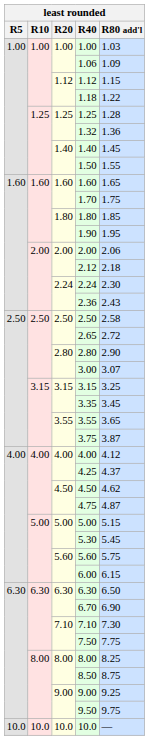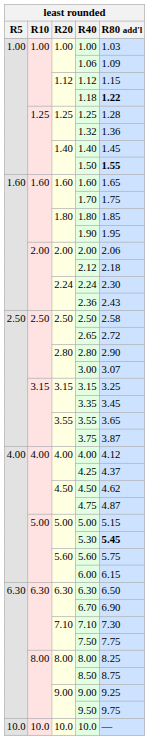 <table class="wikitable">
 <tr>
 <th colspan="5">least rounded</th>
 </tr>
 <tr>
 <th bgcolor="#e2e2e2">R5</th>
 <th bgcolor="#ffe2e2">R10</th>
 <th bgcolor="#ffffe2">R20</th>
 <th bgcolor="#e2ffe2">R40</th>
 <th bgcolor="#e2ffe2">R80 <small>add'l</small></th>
 </tr>
 <tr valign="top">
 <td rowspan="8" bgcolor="#e2e2e2">1.00</td>
 <td rowspan="4" bgcolor="#ffe2e2">1.00</td>
 <td rowspan="2" bgcolor="#ffffe2">1.00</td>
 <td bgcolor="#e2ffe2">1.00</td>
 <td bgcolor="#cce2ff">1.03</td>
 </tr>
 <tr>
 <td bgcolor="#e2ffe2">1.06</td>
 <td bgcolor="#cce2ff">1.09</td>
 </tr>
 <tr valign="top">
 <td rowspan="2" bgcolor="#ffffe2">1.12</td>
 <td bgcolor="#e2ffe2">1.12</td>
 <td bgcolor="#cce2ff">1.15</td>
 </tr>
 <tr>
 <td bgcolor="#e2ffe2">1.18</td>
-<td bgcolor="#cce2ff">1.22</td>
+<td bgcolor="#cce2ff"><strong>1.22</strong></td>
 </tr>
 <tr valign="top">
 <td rowspan="4" bgcolor="#ffe2e2">1.25</td>
 <td rowspan="2" bgcolor="#ffffe2">1.25</td>
 <td bgcolor="#e2ffe2">1.25</td>
 <td bgcolor="#cce2ff">1.28</td>
 </tr>
 <tr>
 <td bgcolor="#e2ffe2">1.32</td>
 <td bgcolor="#cce2ff">1.36</td>
 </tr>
 <tr valign="top">
 <td rowspan="2" bgcolor="#ffffe2">1.40</td>
 <td bgcolor="#e2ffe2">1.40</td>
 <td bgcolor="#cce2ff">1.45</td>
 </tr>
 <tr>
 <td bgcolor="#e2ffe2">1.50</td>
-<td bgcolor="#cce2ff">1.55</td>
+<td bgcolor="#cce2ff"><strong>1.55</strong></td>
 </tr>
 <tr valign="top">
 <td rowspan="8" bgcolor="#e2e2e2">1.60</td>
 <td rowspan="4" bgcolor="#ffe2e2">1.60</td>
 <td rowspan="2" bgcolor="#ffffe2">1.60</td>
 <td bgcolor="#e2ffe2">1.60</td>
 <td bgcolor="#cce2ff">1.65</td>
 </tr>
 <tr>
 <td bgcolor="#e2ffe2">1.70</td>
 <td bgcolor="#cce2ff">1.75</td>
 </tr>
 <tr valign="top">
 <td rowspan="2" bgcolor="#ffffe2">1.80</td>
 <td bgcolor="#e2ffe2">1.80</td>
 <td bgcolor="#cce2ff">1.85</td>
 </tr>
 <tr>
 <td bgcolor="#e2ffe2">1.90</td>
 <td bgcolor="#cce2ff">1.95</td>
 </tr>
 <tr valign="top">
 <td rowspan="4" bgcolor="#ffe2e2">2.00</td>
 <td rowspan="2" bgcolor="#ffffe2">2.00</td>
 <td bgcolor="#e2ffe2">2.00</td>
 <td bgcolor="#cce2ff">2.06</td>
 </tr>
 <tr>
 <td bgcolor="#e2ffe2">2.12</td>
 <td bgcolor="#cce2ff">2.18</td>
 </tr>
 <tr valign="top">
 <td rowspan="2" bgcolor="#ffffe2">2.24</td>
 <td bgcolor="#e2ffe2">2.24</td>
 <td bgcolor="#cce2ff">2.30</td>
 </tr>
 <tr valign="top">
 <td bgcolor="#e2ffe2">2.36</td>
 <td bgcolor="#cce2ff">2.43</td>
 </tr>
 <tr valign="top">
 <td rowspan="8" bgcolor="#e2e2e2">2.50</td>
 <td rowspan="4" bgcolor="#ffe2e2">2.50</td>
 <td rowspan="2" bgcolor="#ffffe2">2.50</td>
 <td bgcolor="#e2ffe2">2.50</td>
 <td bgcolor="#cce2ff">2.58</td>
 </tr>
 <tr>
 <td bgcolor="#e2ffe2">2.65</td>
 <td bgcolor="#cce2ff">2.72</td>
 </tr>
 <tr valign="top">
 <td rowspan="2" bgcolor="#ffffe2">2.80</td>
 <td bgcolor="#e2ffe2">2.80</td>
 <td bgcolor="#cce2ff">2.90</td>
 </tr>
 <tr>
 <td bgcolor="#e2ffe2">3.00</td>
 <td bgcolor="#cce2ff">3.07</td>
 </tr>
 <tr valign="top">
 <td rowspan="4" bgcolor="#ffe2e2">3.15</td>
 <td rowspan="2" bgcolor="#ffffe2">3.15</td>
 <td bgcolor="#e2ffe2">3.15</td>
 <td bgcolor="#cce2ff">3.25</td>
 </tr>
 <tr>
 <td bgcolor="#e2ffe2">3.35</td>
 <td bgcolor="#cce2ff">3.45</td>
 </tr>
 <tr valign="top">
 <td rowspan="2" bgcolor="#ffffe2">3.55</td>
 <td bgcolor="#e2ffe2">3.55</td>
 <td bgcolor="#cce2ff">3.65</td>
 </tr>
 <tr>
 <td bgcolor="#e2ffe2">3.75</td>
 <td bgcolor="#cce2ff">3.87</td>
 </tr>
 <tr valign="top">
 <td rowspan="8" bgcolor="#e2e2e2">4.00</td>
 <td rowspan="4" bgcolor="#ffe2e2">4.00</td>
 <td rowspan="2" bgcolor="#ffffe2">4.00</td>
 <td bgcolor="#e2ffe2">4.00</td>
 <td bgcolor="#cce2ff">4.12</td>
 </tr>
 <tr>
 <td bgcolor="#e2ffe2">4.25</td>
 <td bgcolor="#cce2ff">4.37</td>
 </tr>
 <tr valign="top">
 <td rowspan="2" bgcolor="#ffffe2">4.50</td>
 <td bgcolor="#e2ffe2">4.50</td>
 <td bgcolor="#cce2ff">4.62</td>
 </tr>
 <tr>
 <td bgcolor="#e2ffe2">4.75</td>
 <td bgcolor="#cce2ff">4.87</td>
 </tr>
 <tr valign="top">
 <td rowspan="4" bgcolor="#ffe2e2">5.00</td>
 <td rowspan="2" bgcolor="#ffffe2">5.00</td>
 <td bgcolor="#e2ffe2">5.00</td>
 <td bgcolor="#cce2ff">5.15</td>
 </tr>
 <tr>
 <td bgcolor="#e2ffe2">5.30</td>
-<td bgcolor="#cce2ff">5.45</td>
+<td bgcolor="#cce2ff"><strong>5.45</strong></td>
 </tr>
 <tr valign="top">
 <td rowspan="2" bgcolor="#ffffe2">5.60</td>
 <td bgcolor="#e2ffe2">5.60</td>
 <td bgcolor="#cce2ff">5.75</td>
 </tr>
 <tr>
 <td bgcolor="#e2ffe2">6.00</td>
 <td bgcolor="#cce2ff">6.15</td>
 </tr>
 <tr valign="top">
 <td rowspan="8" bgcolor="#e2e2e2">6.30</td>
 <td rowspan="4" bgcolor="#ffe2e2">6.30</td>
 <td rowspan="2" bgcolor="#ffffe2">6.30</td>
 <td bgcolor="#e2ffe2">6.30</td>
 <td bgcolor="#cce2ff">6.50</td>
 </tr>
 <tr>
 <td bgcolor="#e2ffe2">6.70</td>
 <td bgcolor="#cce2ff">6.90</td>
 </tr>
 <tr valign="top">
 <td rowspan="2" bgcolor="#ffffe2">7.10</td>
 <td bgcolor="#e2ffe2">7.10</td>
 <td bgcolor="#cce2ff">7.30</td>
 </tr>
 <tr>
 <td bgcolor="#e2ffe2">7.50</td>
 <td bgcolor="#cce2ff">7.75</td>
 </tr>
 <tr valign="top">
 <td rowspan="4" bgcolor="#ffe2e2">8.00</td>
 <td rowspan="2" bgcolor="#ffffe2">8.00</td>
 <td bgcolor="#e2ffe2">8.00</td>
 <td bgcolor="#cce2ff">8.25</td>
 </tr>
 <tr>
 <td bgcolor="#e2ffe2">8.50</td>
 <td bgcolor="#cce2ff">8.75</td>
 </tr>
 <tr valign="top">
 <td rowspan="2" bgcolor="#ffffe2">9.00</td>
 <td bgcolor="#e2ffe2">9.00</td>
 <td bgcolor="#cce2ff">9.25</td>
 </tr>
 <tr>
 <td bgcolor="#e2ffe2">9.50</td>
 <td bgcolor="#cce2ff">9.75</td>
 </tr>
 <tr valign="top">
 <td bgcolor="#e2e2e2">10.0</td>
 <td bgcolor="#ffe2e2">10.0</td>
 <td bgcolor="#ffffe2">10.0</td>
 <td bgcolor="#e2ffe2">10.0</td>
 <td bgcolor="#cce2ff">—</td>
 </tr>
 </table>
